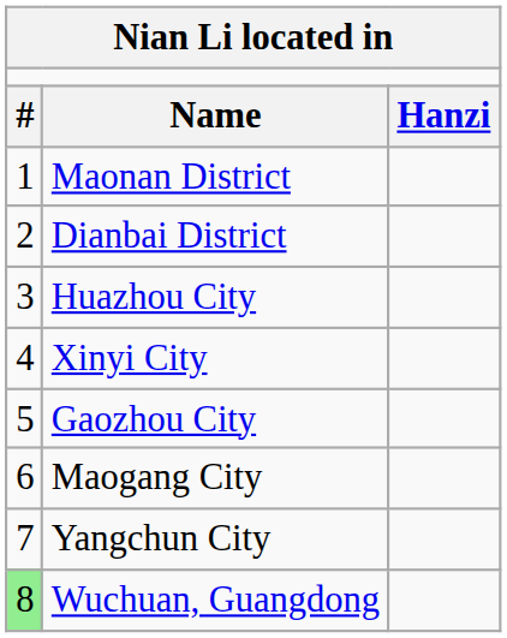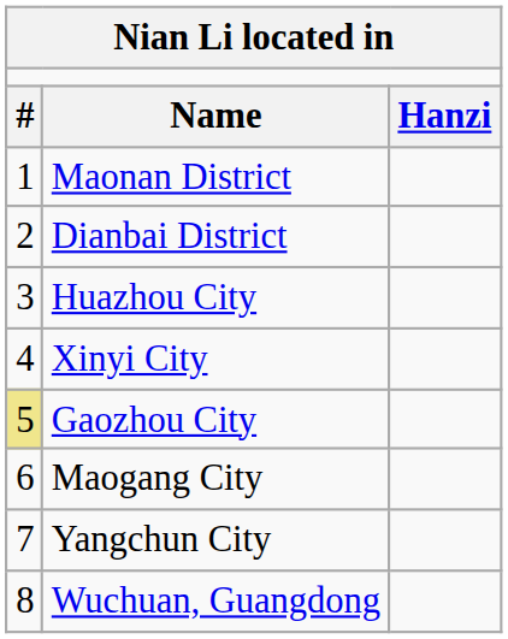 <table class="wikitable"  style="font-size:90%;" align=right>
 <tr>
 <th colspan="7" align="right">Nian Li located in</th>
 </tr>
 <tr>
 <td colspan="3" align="center"></td>
 </tr>
 <tr>
 <th>#</th>
 <th>Name</th>
 <th><a href='#'>Hanzi</a></th>
 </tr>
 <tr --------->
 <td>1</td>
 <td><a href='#'>Maonan District</a></td>
 <td></td>
 </tr>
 <tr --------->
 <td>2</td>
 <td><a href='#'>Dianbai District</a></td>
 <td></td>
 </tr>
 <tr --------->
 <td>3</td>
 <td><a href='#'>Huazhou City</a></td>
 <td></td>
 </tr>
 <tr --------->
 <td>4</td>
 <td><a href='#'>Xinyi City</a></td>
 <td></td>
 </tr>
 <tr --------->
-<td>5</td>
+<td style="background: khaki;">5</td>
 <td><a href='#'>Gaozhou City</a></td>
 <td></td>
 </tr>
 <tr --------->
 <td>6</td>
 <td Maogang>Maogang City</td>
 <td></td>
 </tr>
 <tr --------->
 <td>7</td>
 <td Yangchun>Yangchun City</td>
 <td></td>
 </tr>
 <tr --------->
-<td style="background: lightgreen;">8</td>
+<td>8</td>
 <td><a href='#'>Wuchuan, Guangdong</a></td>
 <td></td>
 </tr>
 </table>
